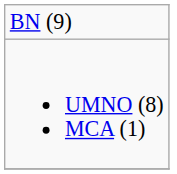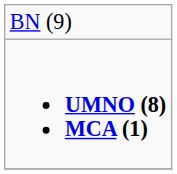 <table class="wikitable">
 <tr>
 <td> <a href='#'>BN</a> (9)</td>
 </tr>
 <tr>
-<td><br><ul><li> <a href='#'>UMNO</a> (8)</li><li> <a href='#'>MCA</a> (1)</li></ul></td>
+<td><strong><br><ul><li> <a href='#'>UMNO</a> (8)</li><li> <a href='#'>MCA</a> (1)</li></ul></strong></td>
 </tr>
 <tr>
 </tr>
 </table>
